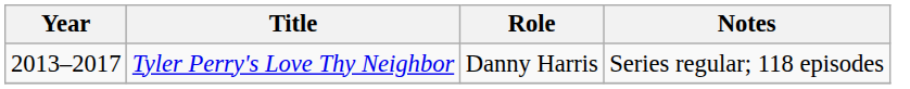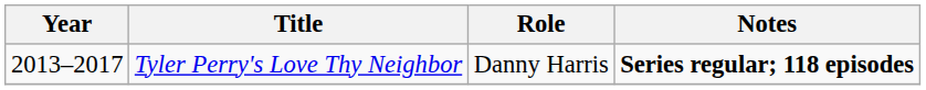 <table class="wikitable sortable">
 <tr>
 <th>Year</th>
 <th>Title</th>
 <th>Role</th>
 <th class="unsortable">Notes</th>
 </tr>
 <tr>
 <td>2013–2017</td>
 <td><em><a href='#'>Tyler Perry's Love Thy Neighbor</a></em></td>
 <td>Danny Harris</td>
-<td>Series regular; 118 episodes</td>
+<td><strong>Series regular; 118 episodes</strong></td>
 </tr>
 <tr>
 </tr>
 </table>
